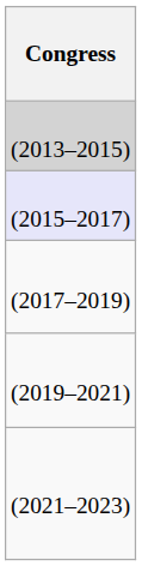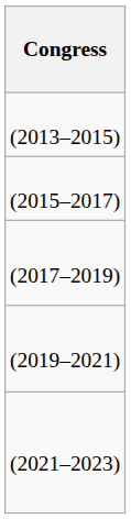 <table class="wikitable" style="float:left; margin:0; margin-right:-0.5px; margin-top:14px; text-align:center;">
 <tr style="white-space:nowrap; height:4.08em;">
 <th>Congress</th>
 </tr>
 <tr style="white-space:nowrap; height:3em;">
-<td style="background: lightgrey;"><strong></strong><br>(2013–2015)</td>
+<td><strong></strong><br>(2013–2015)</td>
 </tr>
 <tr style="white-space:nowrap; height:3em">
-<td style="background: lavender;"><strong></strong><br>(2015–2017)</td>
+<td><strong></strong><br>(2015–2017)</td>
 </tr>
 <tr style="white-space:nowrap; height:4em">
 <td><strong></strong><br>(2017–2019)</td>
 </tr>
 <tr style="white-space:nowrap; height:4.04em">
 <td><strong></strong><br>(2019–2021)</td>
 </tr>
 <tr style="white-space:nowrap; height:5.68em">
 <td><strong></strong><br>(2021–2023)</td>
 </tr>
 </table>
